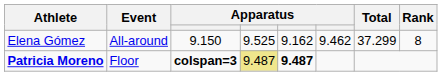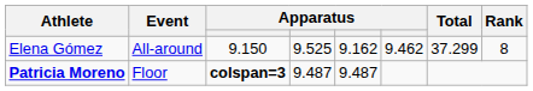 <table class="wikitable" style="font-size:90%">
 <tr>
 <th rowspan=2>Athlete</th>
 <th rowspan=2>Event</th>
 <th colspan =4>Apparatus</th>
 <th rowspan=2>Total</th>
 <th rowspan=2>Rank</th>
 </tr>
 <tr style="font-size:95%">
 <th></th>
 <th></th>
 <th></th>
 <th></th>
 </tr>
 <tr align=center>
 <td align=left><a href='#'>Elena Gómez</a></td>
 <td align=left><a href='#'>All-around</a></td>
 <td>9.150</td>
 <td>9.525</td>
 <td>9.162</td>
 <td>9.462</td>
 <td>37.299</td>
 <td>8</td>
 </tr>
 <tr align=center>
 <td align=left><strong><a href='#'>Patricia Moreno</a></strong></td>
 <td align=left><a href='#'>Floor</a></td>
 <td><strong>colspan=3 </strong></td>
-<td style="background: khaki;">9.487</td>
-<td><strong>9.487</strong></td>
+<td>9.487</td>
+<td>9.487</td>
 <td></td>
 </tr>
 </table>
